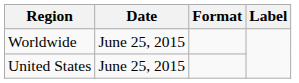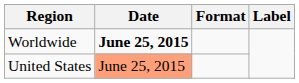 <table class="wikitable plainrowheaders">
 <tr>
 <th>Region</th>
 <th>Date</th>
 <th>Format</th>
 <th>Label</th>
 </tr>
 <tr>
 <td>Worldwide</td>
-<td>June 25, 2015</td>
+<td><strong>June 25, 2015</strong></td>
 <td></td>
 <td rowspan=2></td>
 </tr>
 <tr>
 <td>United States</td>
-<td>June 25, 2015</td>
+<td style="background: lightsalmon;">June 25, 2015</td>
 <td></td>
 </tr>
 </table>
